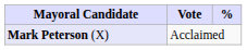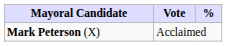 <table class="wikitable">
 <tr>
 <th style="background:#ddf; width:200px;">Mayoral Candidate </th>
 <th style="background:#ddf; width:50px;">Vote</th>
 <th style="background:#ddf; width:30px;">%</th>
 </tr>
 <tr>
-<td style="background: lavender;"><strong>Mark Peterson</strong>  (X)</td>
+<td><strong>Mark Peterson</strong>  (X)</td>
 <td colspan="2">Acclaimed</td>
 </tr>
 </table>
